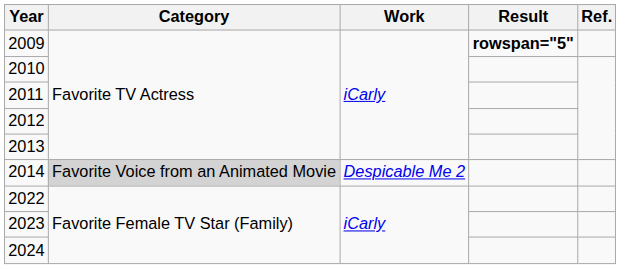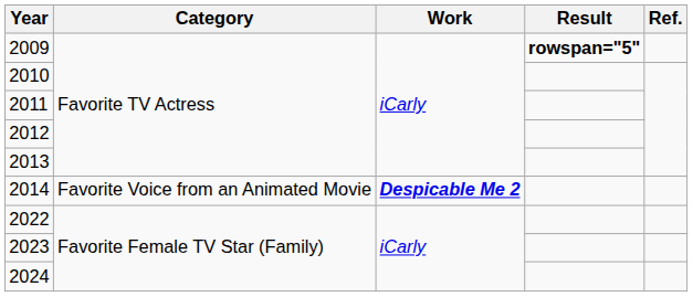 <table class="wikitable">
 <tr>
 <th>Year</th>
 <th>Category</th>
 <th>Work</th>
 <th>Result</th>
 <th>Ref.</th>
 </tr>
 <tr>
 <td>2009</td>
 <td rowspan="5">Favorite TV Actress</td>
 <td rowspan="5"><em><a href='#'>iCarly</a></em></td>
 <td><strong>rowspan="5" </strong></td>
 <td></td>
 </tr>
 <tr>
 <td>2010</td>
 <td></td>
 </tr>
 <tr>
 <td>2011</td>
 <td></td>
 </tr>
 <tr>
 <td>2012</td>
 <td></td>
 </tr>
 <tr>
 <td>2013</td>
 <td></td>
 </tr>
 <tr>
 <td>2014</td>
-<td style="background: lightgrey;">Favorite Voice from an Animated Movie</td>
-<td><em><a href='#'>Despicable Me 2</a></em></td>
+<td>Favorite Voice from an Animated Movie</td>
+<td><strong><em><a href='#'>Despicable Me 2</a></em></strong></td>
 <td></td>
 <td></td>
 </tr>
 <tr>
 <td>2022</td>
 <td rowspan="3">Favorite Female TV Star (Family)</td>
 <td rowspan="3"><em><a href='#'>iCarly</a></em></td>
 <td></td>
 <td style="text-align:center;"></td>
 </tr>
 <tr>
 <td>2023</td>
 <td></td>
 <td></td>
 </tr>
 <tr>
 <td>2024</td>
 <td></td>
 <td></td>
 </tr>
 </table>
